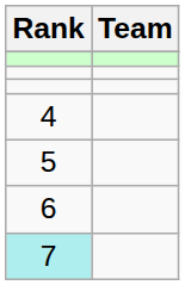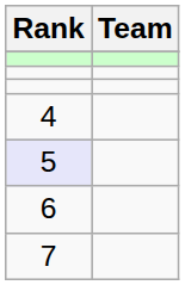 <table class="wikitable" border="1">
 <tr>
 <th>Rank</th>
 <th>Team</th>
 </tr>
 <tr>
 </tr>
 <tr bgcolor=#ccffcc>
 <td align=center></td>
 <td></td>
 </tr>
 <tr>
 <td align=center></td>
 <td></td>
 </tr>
 <tr>
 <td align=center></td>
 <td></td>
 </tr>
 <tr>
 <td align=center>4</td>
 <td></td>
 </tr>
 <tr>
-<td align=center>5</td>
+<td align=center style="background: lavender;">5</td>
 <td></td>
 </tr>
 <tr>
 <td align=center>6</td>
 <td></td>
 </tr>
 <tr>
-<td align=center style="background: paleturquoise;">7</td>
+<td align=center>7</td>
 <td></td>
 </tr>
 </table>
